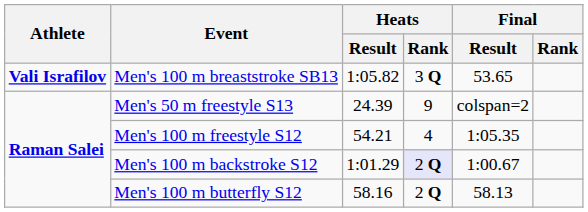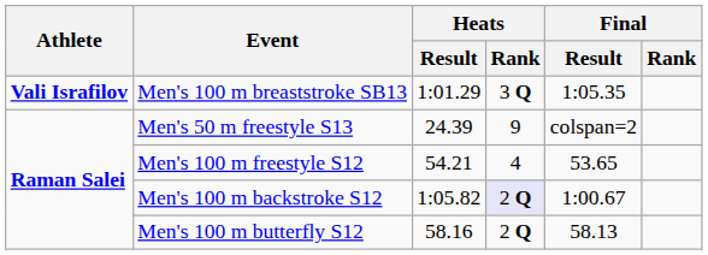 <table class=wikitable style="font-size:90%">
 <tr>
 <th rowspan="2">Athlete</th>
 <th rowspan="2">Event</th>
 <th colspan="2">Heats</th>
 <th colspan="2">Final</th>
 </tr>
 <tr>
 <th>Result</th>
 <th>Rank</th>
 <th>Result</th>
 <th>Rank</th>
 </tr>
 <tr align=center>
 <td align=left><strong><a href='#'>Vali Israfilov</a></strong></td>
 <td align=left><a href='#'>Men's 100 m breaststroke SB13</a></td>
-<td>1:05.82</td>
+<td>1:01.29</td>
 <td>3 <strong>Q</strong></td>
-<td>53.65</td>
+<td>1:05.35</td>
 <td></td>
 </tr>
 <tr align=center>
 <td align=left rowspan=4><strong><a href='#'>Raman Salei</a></strong></td>
 <td align=left><a href='#'>Men's 50 m freestyle S13</a></td>
 <td>24.39</td>
 <td>9</td>
 <td>colspan=2 </td>
 </tr>
 <tr align=center>
 <td align=left><a href='#'>Men's 100 m freestyle S12</a></td>
 <td>54.21</td>
 <td>4</td>
-<td>1:05.35</td>
+<td>53.65</td>
 <td></td>
 </tr>
 <tr align=center>
 <td align=left><a href='#'>Men's 100 m backstroke S12</a></td>
-<td>1:01.29</td>
+<td>1:05.82</td>
 <td style="background: lavender;">2 <strong>Q</strong></td>
 <td>1:00.67</td>
 <td></td>
 </tr>
 <tr align=center>
 <td align=left><a href='#'>Men's 100 m butterfly S12</a></td>
 <td>58.16</td>
 <td>2 <strong>Q</strong></td>
 <td>58.13</td>
 <td></td>
 </tr>
 </table>
